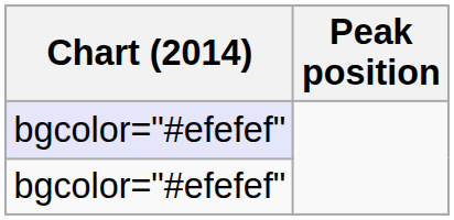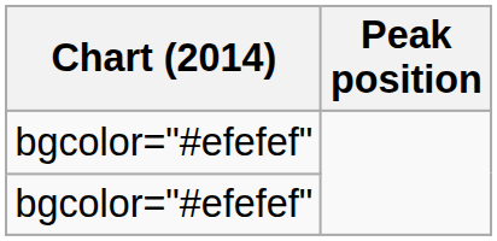 <table class="wikitable sortable plainrowheaders">
 <tr>
 <th>Chart (2014)</th>
 <th>Peak<br>position</th>
 </tr>
 <tr>
-<td style="background: lavender;">bgcolor="#efefef" </td>
+<td>bgcolor="#efefef" </td>
 </tr>
 <tr>
 <td>bgcolor="#efefef" </td>
 </tr>
 </table>
